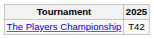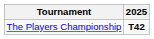 <table class="wikitable" style="font-size:95%;text-align:center;">
 <tr>
 <th>Tournament</th>
 <th>2025</th>
 </tr>
 <tr>
 <td align=left><a href='#'>The Players Championship</a></td>
-<td>T42</td>
+<td><strong>T42</strong></td>
 </tr>
 </table>
